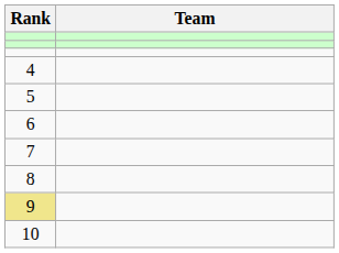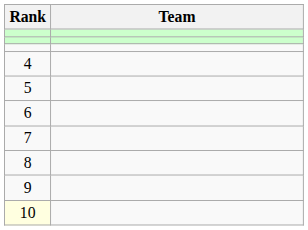 <table class="wikitable" style="text-align: center;">
 <tr>
 <th width=40>Rank</th>
 <th width=250>Team</th>
 </tr>
 <tr bgcolor=ccffcc>
 <td></td>
 <td align=left></td>
 </tr>
 <tr bgcolor=ccffcc>
 <td></td>
 <td align=left></td>
 </tr>
 <tr>
 <td></td>
 <td align=left></td>
 </tr>
 <tr>
 <td>4</td>
 <td align=left></td>
 </tr>
 <tr>
 <td>5</td>
 <td align=left></td>
 </tr>
 <tr>
 <td>6</td>
 <td align=left></td>
 </tr>
 <tr>
 <td>7</td>
 <td align=left></td>
 </tr>
 <tr>
 <td>8</td>
 <td align=left></td>
 </tr>
 <tr>
-<td style="background: khaki;">9</td>
+<td>9</td>
 <td align=left></td>
 </tr>
 <tr>
-<td>10</td>
+<td style="background: lightyellow;">10</td>
 <td align=left></td>
 </tr>
 </table>
